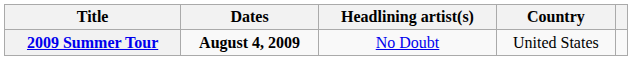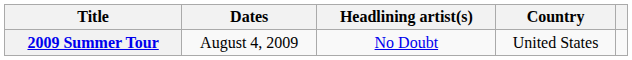 <table class="wikitable sortable plainrowheaders" style="text-align:center;" width=100%>
 <tr>
 <th scope="col">Title</th>
 <th scope="col">Dates</th>
 <th scope="col">Headlining artist(s)</th>
 <th scope="col">Country</th>
 <th scope="col" width="2%" class="unsortable"></th>
 </tr>
 <tr>
 <th scope="row"><a href='#'>2009 Summer Tour</a></th>
-<td><strong>August 4, 2009</strong></td>
+<td>August 4, 2009</td>
 <td><a href='#'>No Doubt</a></td>
 <td rowspan="6">United States</td>
 <td></td>
 </tr>
 </table>
